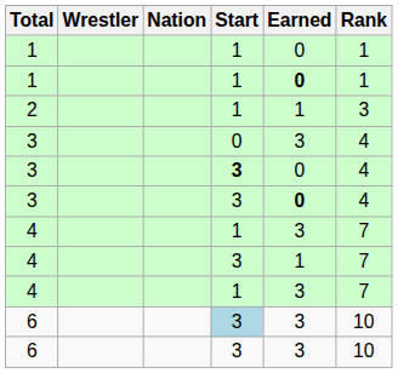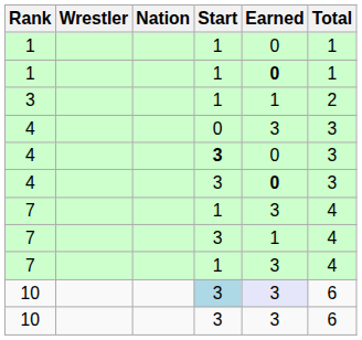 <table class="wikitable sortable" style="text-align:center;">
 <tr>
-<th>Total</th>
+<th>Rank</th>
 <th>Wrestler</th>
 <th>Nation</th>
 <th>Start</th>
 <th>Earned</th>
-<th>Rank</th>
+<th>Total</th>
 </tr>
 <tr style="background:#cfc;">
 <td>1</td>
 <td align=left></td>
 <td align=left></td>
 <td>1</td>
 <td>0</td>
 <td>1</td>
 </tr>
 <tr style="background:#cfc;">
 <td>1</td>
 <td align=left></td>
 <td align=left></td>
 <td>1</td>
 <td><strong>0</strong></td>
 <td>1</td>
 </tr>
 <tr style="background:#cfc;">
-<td>2</td>
+<td>3</td>
 <td align=left></td>
 <td align=left></td>
 <td>1</td>
 <td>1</td>
-<td>3</td>
-</tr>
-<tr style="background:#cfc;">
-<td>3</td>
-<td align=left></td>
-<td align=left></td>
-<td>0</td>
-<td>3</td>
-<td>4</td>
-</tr>
-<tr style="background:#cfc;">
-<td>3</td>
-<td align=left></td>
-<td align=left></td>
-<td><strong>3</strong></td>
-<td>0</td>
-<td>4</td>
-</tr>
-<tr style="background:#cfc;">
-<td>3</td>
-<td align=left></td>
-<td align=left></td>
-<td>3</td>
-<td><strong>0</strong></td>
-<td>4</td>
+<td>2</td>
 </tr>
 <tr style="background:#cfc;">
 <td>4</td>
 <td align=left></td>
 <td align=left></td>
-<td>1</td>
+<td>0</td>
 <td>3</td>
-<td>7</td>
+<td>3</td>
+</tr>
+<tr style="background:#cfc;">
+<td>4</td>
+<td align=left></td>
+<td align=left></td>
+<td><strong>3</strong></td>
+<td>0</td>
+<td>3</td>
 </tr>
 <tr style="background:#cfc;">
 <td>4</td>
 <td align=left></td>
 <td align=left></td>
 <td>3</td>
-<td>1</td>
-<td>7</td>
+<td><strong>0</strong></td>
+<td>3</td>
 </tr>
 <tr style="background:#cfc;">
-<td>4</td>
+<td>7</td>
 <td align=left></td>
 <td align=left></td>
 <td>1</td>
 <td>3</td>
+<td>4</td>
+</tr>
+<tr style="background:#cfc;">
 <td>7</td>
+<td align=left></td>
+<td align=left></td>
+<td>3</td>
+<td>1</td>
+<td>4</td>
+</tr>
+<tr style="background:#cfc;">
+<td>7</td>
+<td align=left></td>
+<td align=left></td>
+<td>1</td>
+<td>3</td>
+<td>4</td>
 </tr>
 <tr>
-<td>6</td>
+<td>10</td>
 <td align=left></td>
 <td align=left></td>
 <td style="background: lightblue;">3</td>
-<td>3</td>
-<td>10</td>
+<td style="background: lavender;">3</td>
+<td>6</td>
 </tr>
 <tr>
-<td>6</td>
+<td>10</td>
 <td align=left></td>
 <td align=left></td>
 <td>3</td>
 <td>3</td>
-<td>10</td>
+<td>6</td>
 </tr>
 </table>
